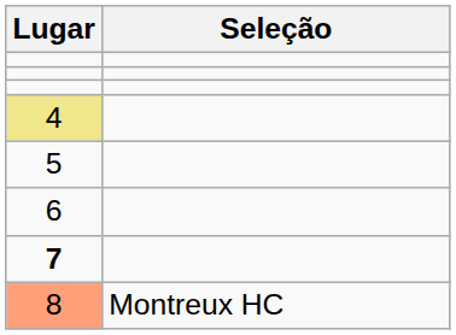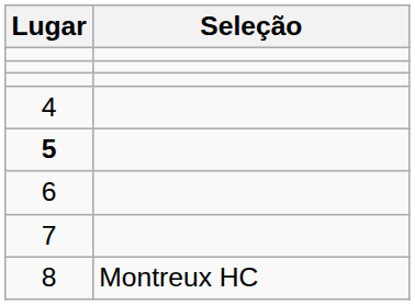 <table class="wikitable" style="text-align: center;">
 <tr>
 <th width=40>Lugar</th>
 <th width=180>Seleção</th>
 </tr>
 <tr align=center>
 <td></td>
 <td align="left"><strong></strong></td>
 </tr>
 <tr align=center>
 <td></td>
 <td align="left"></td>
 </tr>
 <tr align=center>
 <td></td>
 <td align="left"></td>
 </tr>
 <tr align=center>
-<td style="background: khaki;">4</td>
+<td>4</td>
 <td style="text-align:left;"></td>
 </tr>
 <tr align=center>
-<td>5</td>
+<td><strong>5</strong></td>
 <td style="text-align:left;"></td>
 </tr>
 <tr align=center>
 <td>6</td>
 <td style="text-align:left;"></td>
 </tr>
 <tr align=center>
-<td><strong>7</strong></td>
+<td>7</td>
 <td style="text-align:left;"></td>
 </tr>
 <tr align=center>
-<td style="background: lightsalmon;">8</td>
+<td>8</td>
 <td style="text-align:left;"> Montreux HC</td>
 </tr>
 </table>
